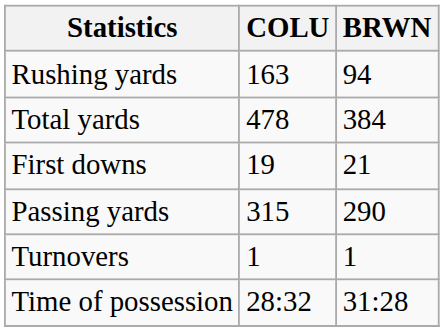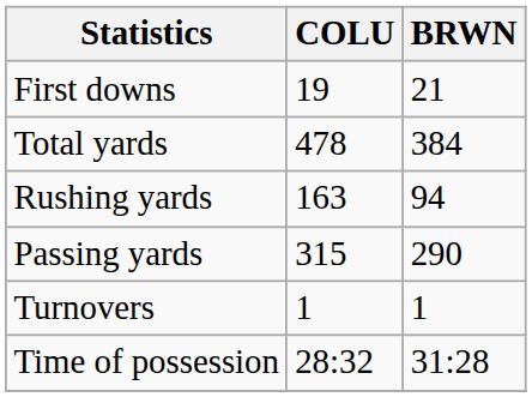 <table class="wikitable" style="float: left;">
 <tr>
 <th>Statistics</th>
 <th>COLU</th>
 <th>BRWN</th>
 </tr>
 <tr>
-<td>Rushing yards</td>
-<td>163</td>
-<td>94</td>
+<td>First downs</td>
+<td>19</td>
+<td>21</td>
 </tr>
 <tr>
 <td>Total yards</td>
 <td>478</td>
 <td>384</td>
 </tr>
 <tr>
-<td>First downs</td>
-<td>19</td>
-<td>21</td>
+<td>Rushing yards</td>
+<td>163</td>
+<td>94</td>
 </tr>
 <tr>
 <td>Passing yards</td>
 <td>315</td>
 <td>290</td>
 </tr>
 <tr>
 <td>Turnovers</td>
 <td>1</td>
 <td>1</td>
 </tr>
 <tr>
 <td>Time of possession</td>
 <td>28:32</td>
 <td>31:28</td>
 </tr>
 <tr>
 </tr>
 </table>
